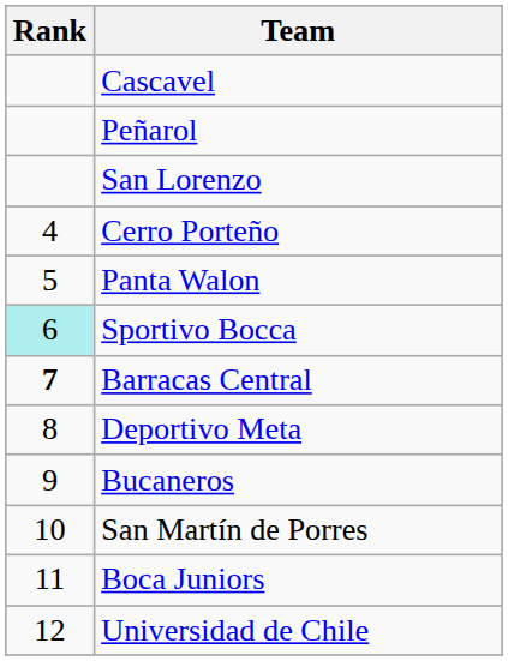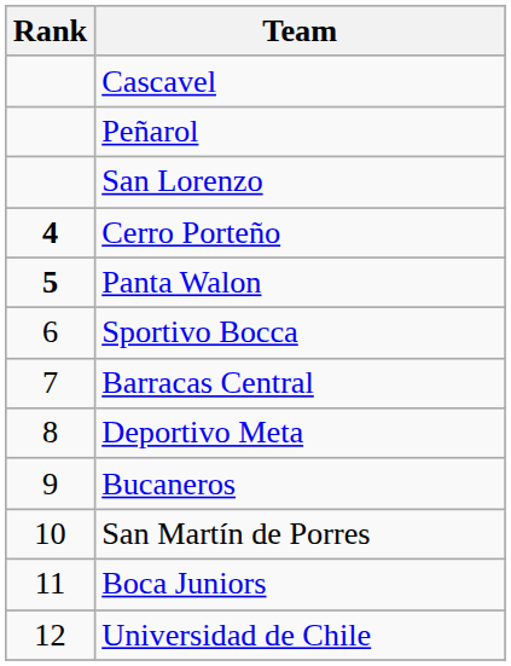 <table class="wikitable col2-left" style="text-align:center">
 <tr>
 <th width=30>Rank</th>
 <th width=200>Team</th>
 </tr>
 <tr>
 <td></td>
 <td align="left"> <a href='#'>Cascavel</a></td>
 </tr>
 <tr>
 <td></td>
 <td align="left"> <a href='#'>Peñarol</a></td>
 </tr>
 <tr>
 <td></td>
 <td align="left"> <a href='#'>San Lorenzo</a></td>
 </tr>
 <tr>
-<td>4</td>
+<td><strong>4</strong></td>
 <td align="left"> <a href='#'>Cerro Porteño</a></td>
 </tr>
 <tr>
-<td>5</td>
+<td><strong>5</strong></td>
 <td align="left"> <a href='#'>Panta Walon</a></td>
 </tr>
 <tr>
-<td style="background: paleturquoise;">6</td>
+<td>6</td>
 <td align="left"> <a href='#'>Sportivo Bocca</a></td>
 </tr>
 <tr>
-<td><strong>7</strong></td>
+<td>7</td>
 <td align="left"> <a href='#'>Barracas Central</a></td>
 </tr>
 <tr>
 <td>8</td>
 <td align="left"> <a href='#'>Deportivo Meta</a></td>
 </tr>
 <tr>
 <td>9</td>
 <td align="left"> <a href='#'>Bucaneros</a></td>
 </tr>
 <tr>
 <td>10</td>
 <td align="left"> San Martín de Porres</td>
 </tr>
 <tr>
 <td>11</td>
 <td align="left"> <a href='#'>Boca Juniors</a></td>
 </tr>
 <tr>
 <td>12</td>
 <td align="left"> <a href='#'>Universidad de Chile</a></td>
 </tr>
 </table>
